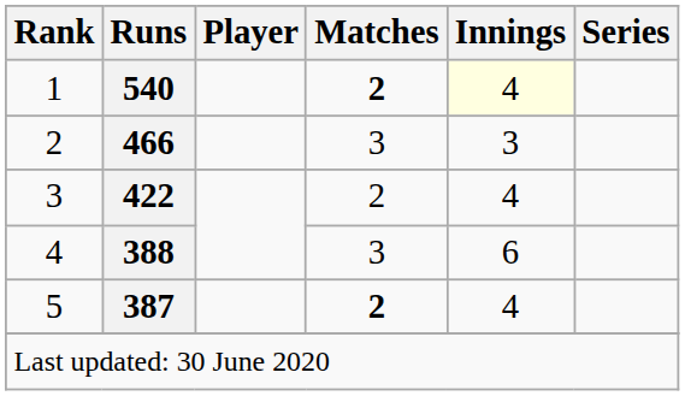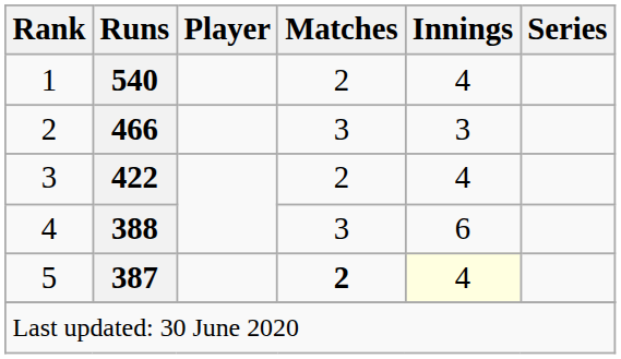 <table class="wikitable plainrowheaders sortable">
 <tr>
 <th scope=col>Rank</th>
 <th scope=col>Runs</th>
 <th scope=col>Player</th>
 <th scope=col>Matches</th>
 <th scope=col>Innings</th>
 <th scope=col>Series</th>
 </tr>
 <tr>
 <td align=center>1</td>
 <th scope=row style="text-align:center;">540</th>
 <td></td>
-<td align=center><strong>2</strong></td>
-<td align=center style="background: lightyellow;">4</td>
+<td align=center>2</td>
+<td align=center>4</td>
 <td></td>
 </tr>
 <tr>
 <td align=center>2</td>
 <th scope=row style=text-align:center;>466</th>
 <td></td>
 <td align=center>3</td>
 <td align=center>3</td>
 <td></td>
 </tr>
 <tr>
 <td align=center>3</td>
 <th scope=row style=text-align:center;>422</th>
 <td rowspan=2></td>
 <td align=center>2</td>
 <td align=center>4</td>
 <td></td>
 </tr>
 <tr>
 <td align=center>4</td>
 <th scope=row style=text-align:center;>388</th>
 <td align=center>3</td>
 <td align=center>6</td>
 <td></td>
 </tr>
 <tr>
 <td align=center>5</td>
 <th scope=row style=text-align:center;>387</th>
 <td></td>
 <td align=center><strong>2</strong></td>
-<td align=center>4</td>
+<td align=center style="background: lightyellow;">4</td>
 <td></td>
 </tr>
 <tr>
 </tr>
 <tr class=sortbottom>
 <td colspan=6><small>Last updated: 30 June 2020</small></td>
 </tr>
 </table>
